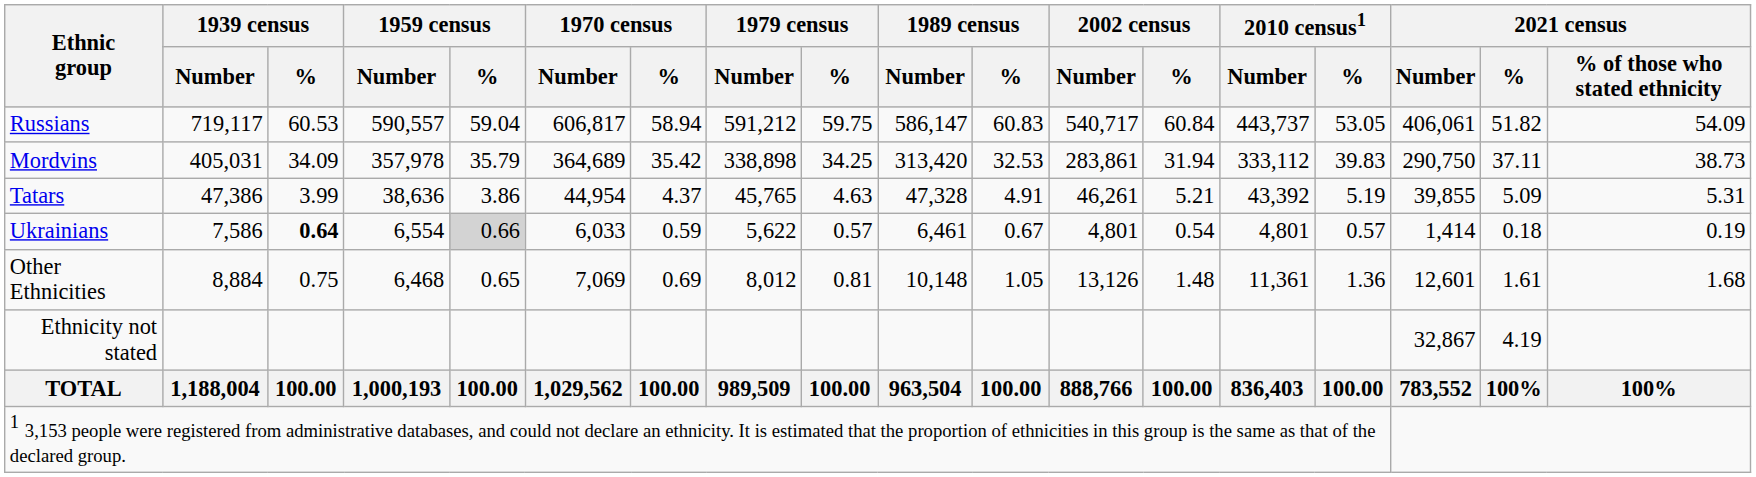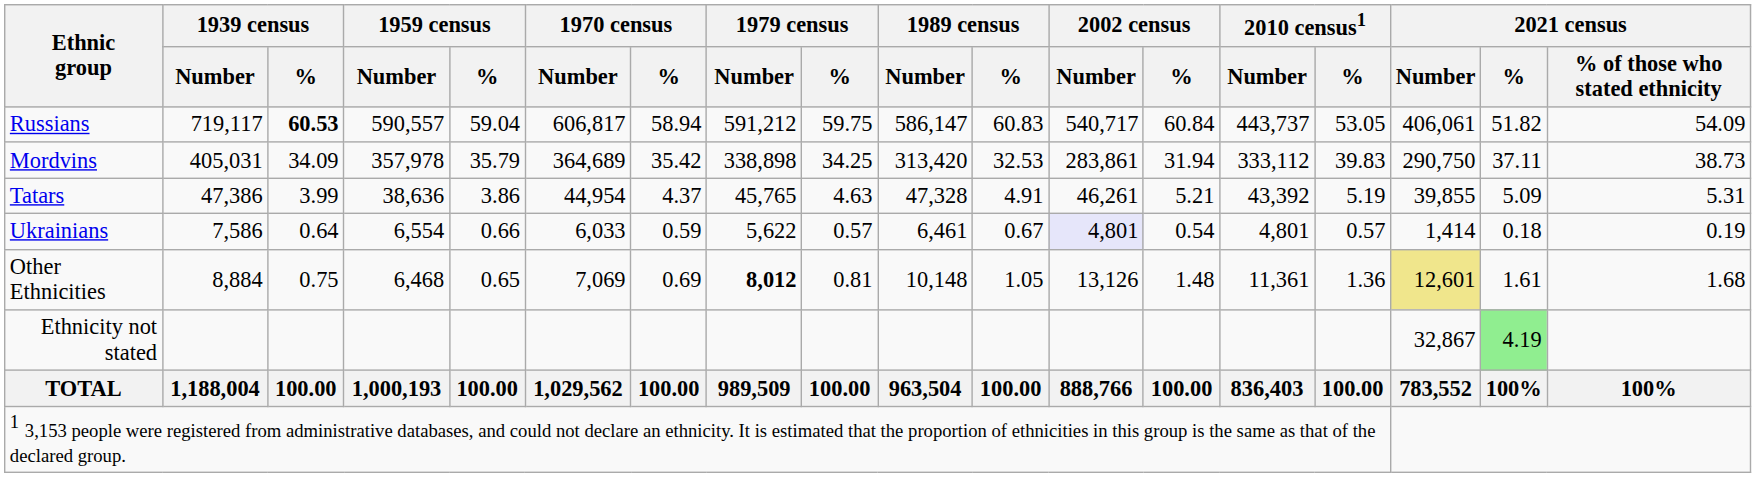 <table class="wikitable sortable" style="text-align: right;">
 <tr bgcolor="#e0e0e0">
 <th rowspan="2">Ethnic<br>group</th>
 <th colspan="2">1939 census</th>
 <th colspan="2">1959 census</th>
 <th colspan="2">1970 census</th>
 <th colspan="2">1979 census</th>
 <th colspan="2">1989 census</th>
 <th colspan="2">2002 census</th>
 <th colspan="2">2010 census<sup>1</sup></th>
 <th colspan="3">2021 census</th>
 </tr>
 <tr bgcolor="#e0e0e0">
 <th>Number</th>
 <th>%</th>
 <th>Number</th>
 <th>%</th>
 <th>Number</th>
 <th>%</th>
 <th>Number</th>
 <th>%</th>
 <th>Number</th>
 <th>%</th>
 <th>Number</th>
 <th>%</th>
 <th>Number</th>
 <th>%</th>
 <th>Number</th>
 <th>%</th>
 <th>% of those who stated ethnicity</th>
 </tr>
 <tr>
 <td align="left"><a href='#'>Russians</a></td>
 <td>719,117</td>
-<td>60.53</td>
+<td><strong>60.53</strong></td>
 <td>590,557</td>
 <td>59.04</td>
 <td>606,817</td>
 <td>58.94</td>
 <td>591,212</td>
 <td>59.75</td>
 <td>586,147</td>
 <td>60.83</td>
 <td>540,717</td>
 <td>60.84</td>
 <td>443,737</td>
 <td>53.05</td>
 <td>406,061</td>
 <td>51.82</td>
 <td>54.09</td>
 </tr>
 <tr>
 <td align="left"><a href='#'>Mordvins</a></td>
 <td>405,031</td>
 <td>34.09</td>
 <td>357,978</td>
 <td>35.79</td>
 <td>364,689</td>
 <td>35.42</td>
 <td>338,898</td>
 <td>34.25</td>
 <td>313,420</td>
 <td>32.53</td>
 <td>283,861</td>
 <td>31.94</td>
 <td>333,112</td>
 <td>39.83</td>
 <td>290,750</td>
 <td>37.11</td>
 <td>38.73</td>
 </tr>
 <tr>
 <td align="left"><a href='#'>Tatars</a></td>
 <td>47,386</td>
 <td>3.99</td>
 <td>38,636</td>
 <td>3.86</td>
 <td>44,954</td>
 <td>4.37</td>
 <td>45,765</td>
 <td>4.63</td>
 <td>47,328</td>
 <td>4.91</td>
 <td>46,261</td>
 <td>5.21</td>
 <td>43,392</td>
 <td>5.19</td>
 <td>39,855</td>
 <td>5.09</td>
 <td>5.31</td>
 </tr>
 <tr>
 <td align="left"><a href='#'>Ukrainians</a></td>
 <td>7,586</td>
-<td><strong>0.64</strong></td>
+<td>0.64</td>
 <td>6,554</td>
-<td style="background: lightgrey;">0.66</td>
+<td>0.66</td>
 <td>6,033</td>
 <td>0.59</td>
 <td>5,622</td>
 <td>0.57</td>
 <td>6,461</td>
 <td>0.67</td>
-<td>4,801</td>
+<td style="background: lavender;">4,801</td>
 <td>0.54</td>
 <td>4,801</td>
 <td>0.57</td>
 <td>1,414</td>
 <td>0.18</td>
 <td>0.19</td>
 </tr>
 <tr>
 <td align="left">Other Ethnicities</td>
 <td>8,884</td>
 <td>0.75</td>
 <td>6,468</td>
 <td>0.65</td>
 <td>7,069</td>
 <td>0.69</td>
-<td>8,012</td>
+<td><strong>8,012</strong></td>
 <td>0.81</td>
 <td>10,148</td>
 <td>1.05</td>
 <td>13,126</td>
 <td>1.48</td>
 <td>11,361</td>
 <td>1.36</td>
-<td>12,601</td>
+<td style="background: khaki;">12,601</td>
 <td>1.61</td>
 <td>1.68</td>
 </tr>
 <tr>
 <td>Ethnicity not stated</td>
 <td></td>
 <td></td>
 <td></td>
 <td></td>
 <td></td>
 <td></td>
 <td></td>
 <td></td>
 <td></td>
 <td></td>
 <td></td>
 <td></td>
 <td></td>
 <td></td>
 <td>32,867</td>
-<td>4.19</td>
+<td style="background: lightgreen;">4.19</td>
 <td></td>
 </tr>
 <tr>
 <th>TOTAL</th>
 <th>1,188,004</th>
 <th>100.00</th>
 <th>1,000,193</th>
 <th>100.00</th>
 <th>1,029,562</th>
 <th>100.00</th>
 <th>989,509</th>
 <th>100.00</th>
 <th>963,504</th>
 <th>100.00</th>
 <th>888,766</th>
 <th>100.00</th>
 <th>836,403</th>
 <th>100.00</th>
 <th>783,552</th>
 <th>100%</th>
 <th>100%</th>
 </tr>
 <tr>
 <td align="left" colspan="15"><sup>1</sup> <small>3,153 people were registered from administrative databases, and could not declare an ethnicity. It is estimated that the proportion of ethnicities in this group is the same as that of the declared group.</small></td>
 </tr>
 </table>
